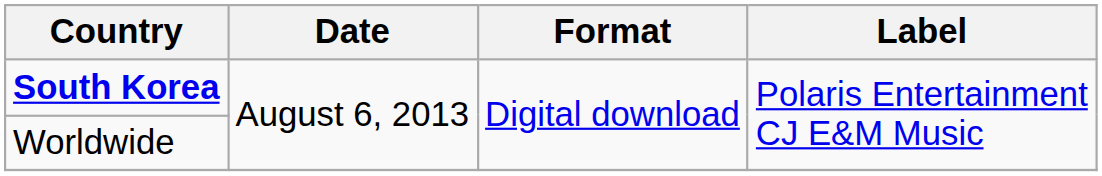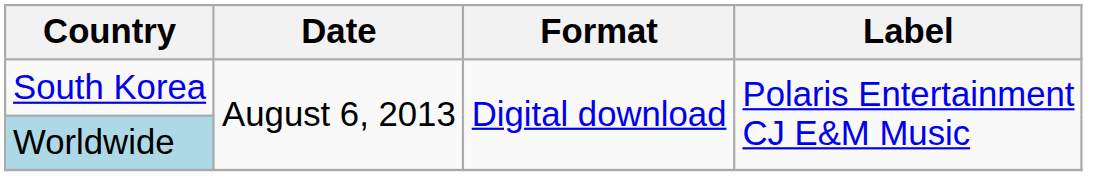 <table class="wikitable plainrowheaders">
 <tr>
 <th scope="col">Country</th>
 <th>Date</th>
 <th>Format</th>
 <th>Label</th>
 </tr>
 <tr>
-<td><strong><a href='#'>South Korea</a></strong></td>
+<td><a href='#'>South Korea</a></td>
 <td rowspan="2">August 6, 2013</td>
 <td rowspan="2"><a href='#'>Digital download</a></td>
 <td rowspan="2"><a href='#'>Polaris Entertainment</a><br><a href='#'>CJ E&M Music</a></td>
 </tr>
 <tr>
-<td>Worldwide</td>
+<td style="background: lightblue;">Worldwide</td>
 </tr>
 <tr>
 </tr>
 </table>
